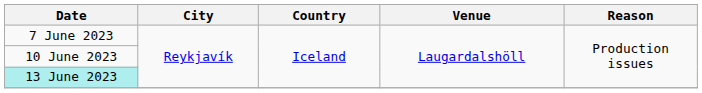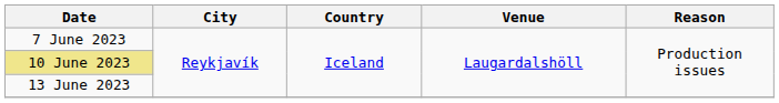 <table class="wikitable plainrowheaders" style="text-align: center;">
 <tr>
 <th scope="col" style="width:10em;">Date</th>
 <th scope="col" style="width:9em;">City</th>
 <th scope="col" style="width:9em;">Country</th>
 <th scope="col" style="width:14em;">Venue</th>
 <th scope="col" style="width:10em;">Reason</th>
 </tr>
 <tr>
 <td>7 June 2023</td>
 <td rowspan=3><a href='#'>Reykjavík</a></td>
 <td rowspan=3><a href='#'>Iceland</a></td>
 <td rowspan=3><a href='#'>Laugardalshöll</a></td>
 <td rowspan=3>Production issues</td>
 </tr>
 <tr>
-<td>10 June 2023</td>
+<td style="background: khaki;">10 June 2023</td>
 </tr>
 <tr>
-<td style="background: paleturquoise;">13 June 2023</td>
+<td>13 June 2023</td>
 </tr>
 <tr>
 </tr>
 </table>
